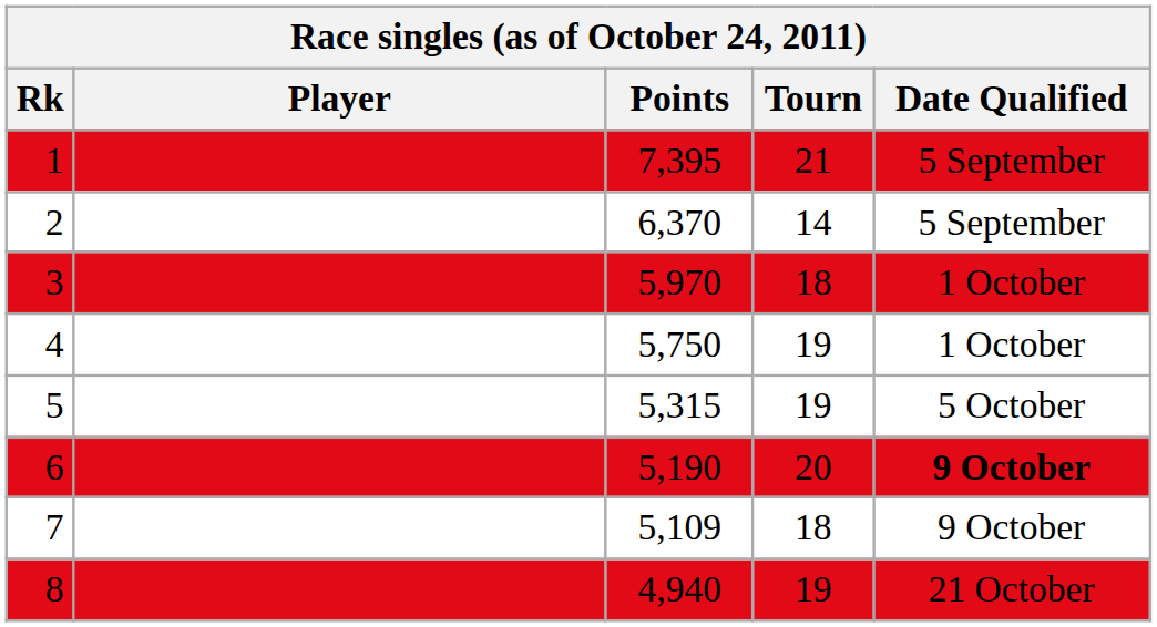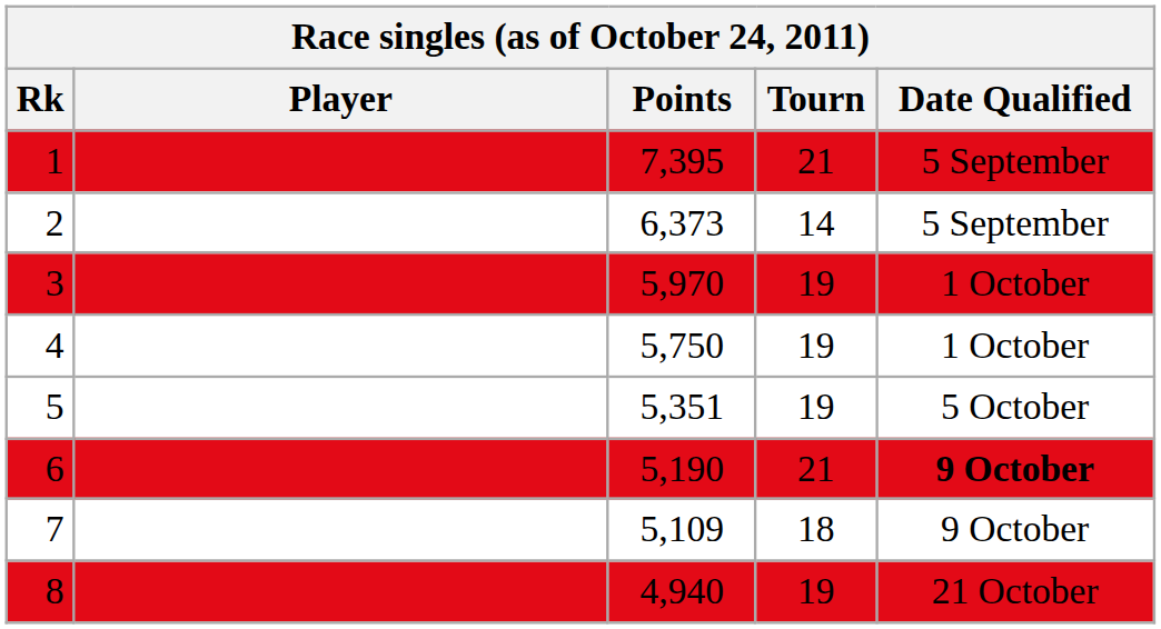 <table class="wikitable"  style="float:right; margin-left:1em; font-size:90%; text:justify; text-align:center;">
 <tr>
 <th colspan=6>Race singles (as of October 24, 2011)</th>
 </tr>
 <tr>
 <th width=10>Rk</th>
 <th width=200>Player</th>
 <th width=50>Points</th>
 <th width=40>Tourn</th>
 <th width=100>Date Qualified</th>
 </tr>
 <tr bgcolor=#E30A17>
 <td align=right>1</td>
 <td align=left></td>
 <td>7,395</td>
 <td>21</td>
 <td>5 September</td>
 </tr>
 <tr style="background:white;">
 <td align=right>2</td>
 <td align=left></td>
-<td>6,370</td>
+<td>6,373</td>
 <td>14</td>
 <td>5 September</td>
 </tr>
 <tr bgcolor=#E30A17>
 <td align=right>3</td>
 <td align=left></td>
 <td>5,970</td>
-<td>18</td>
+<td>19</td>
 <td>1 October</td>
 </tr>
 <tr style="background:white;">
 <td align=right>4</td>
 <td align=left></td>
 <td>5,750</td>
 <td>19</td>
 <td>1 October</td>
 </tr>
 <tr style="background:white;">
 <td align=right>5</td>
 <td align=left></td>
-<td>5,315</td>
+<td>5,351</td>
 <td>19</td>
 <td>5 October</td>
 </tr>
 <tr bgcolor=#E30A17>
 <td align=right>6</td>
 <td align=left></td>
 <td>5,190</td>
-<td>20</td>
+<td>21</td>
 <td><strong>9 October</strong></td>
 </tr>
 <tr style="background:white;">
 <td align=right>7</td>
 <td align=left></td>
 <td>5,109</td>
 <td>18</td>
 <td>9 October</td>
 </tr>
 <tr bgcolor=#E30A17>
 <td align=right>8</td>
 <td align=left></td>
 <td>4,940</td>
 <td>19</td>
 <td>21 October</td>
 </tr>
 </table>
